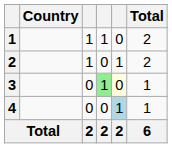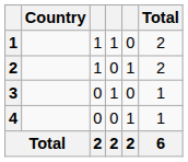 <table class="wikitable plainrowheaders" style="font-size:90%;">
 <tr>
 <th></th>
 <th>Country</th>
 <th></th>
 <th></th>
 <th></th>
 <th>Total</th>
 </tr>
 <tr>
 <th>1</th>
 <td align=left></td>
 <td align="center">1</td>
 <td align="center">1</td>
 <td align="center">0</td>
 <td align="center">2</td>
 </tr>
 <tr>
 <th>2</th>
 <td align=left></td>
 <td align="center">1</td>
 <td align="center">0</td>
 <td align="center">1</td>
 <td align="center">2</td>
 </tr>
 <tr>
 <th>3</th>
 <td align=left></td>
 <td align="center">0</td>
-<td align="center" style="background: lightgreen;">1</td>
-<td align="center" style="background: lightyellow;">0</td>
+<td align="center">1</td>
+<td align="center">0</td>
 <td align="center">1</td>
 </tr>
 <tr>
 <th>4</th>
 <td align=left></td>
 <td align="center">0</td>
 <td align="center">0</td>
-<td align="center" style="background: lightblue;">1</td>
+<td align="center">1</td>
 <td align="center">1</td>
 </tr>
 <tr>
 <th colspan=2><strong>Total</strong></th>
 <th><strong>2</strong></th>
 <th><strong>2</strong></th>
 <th><strong>2</strong></th>
 <th><strong>6</strong></th>
 </tr>
 </table>
